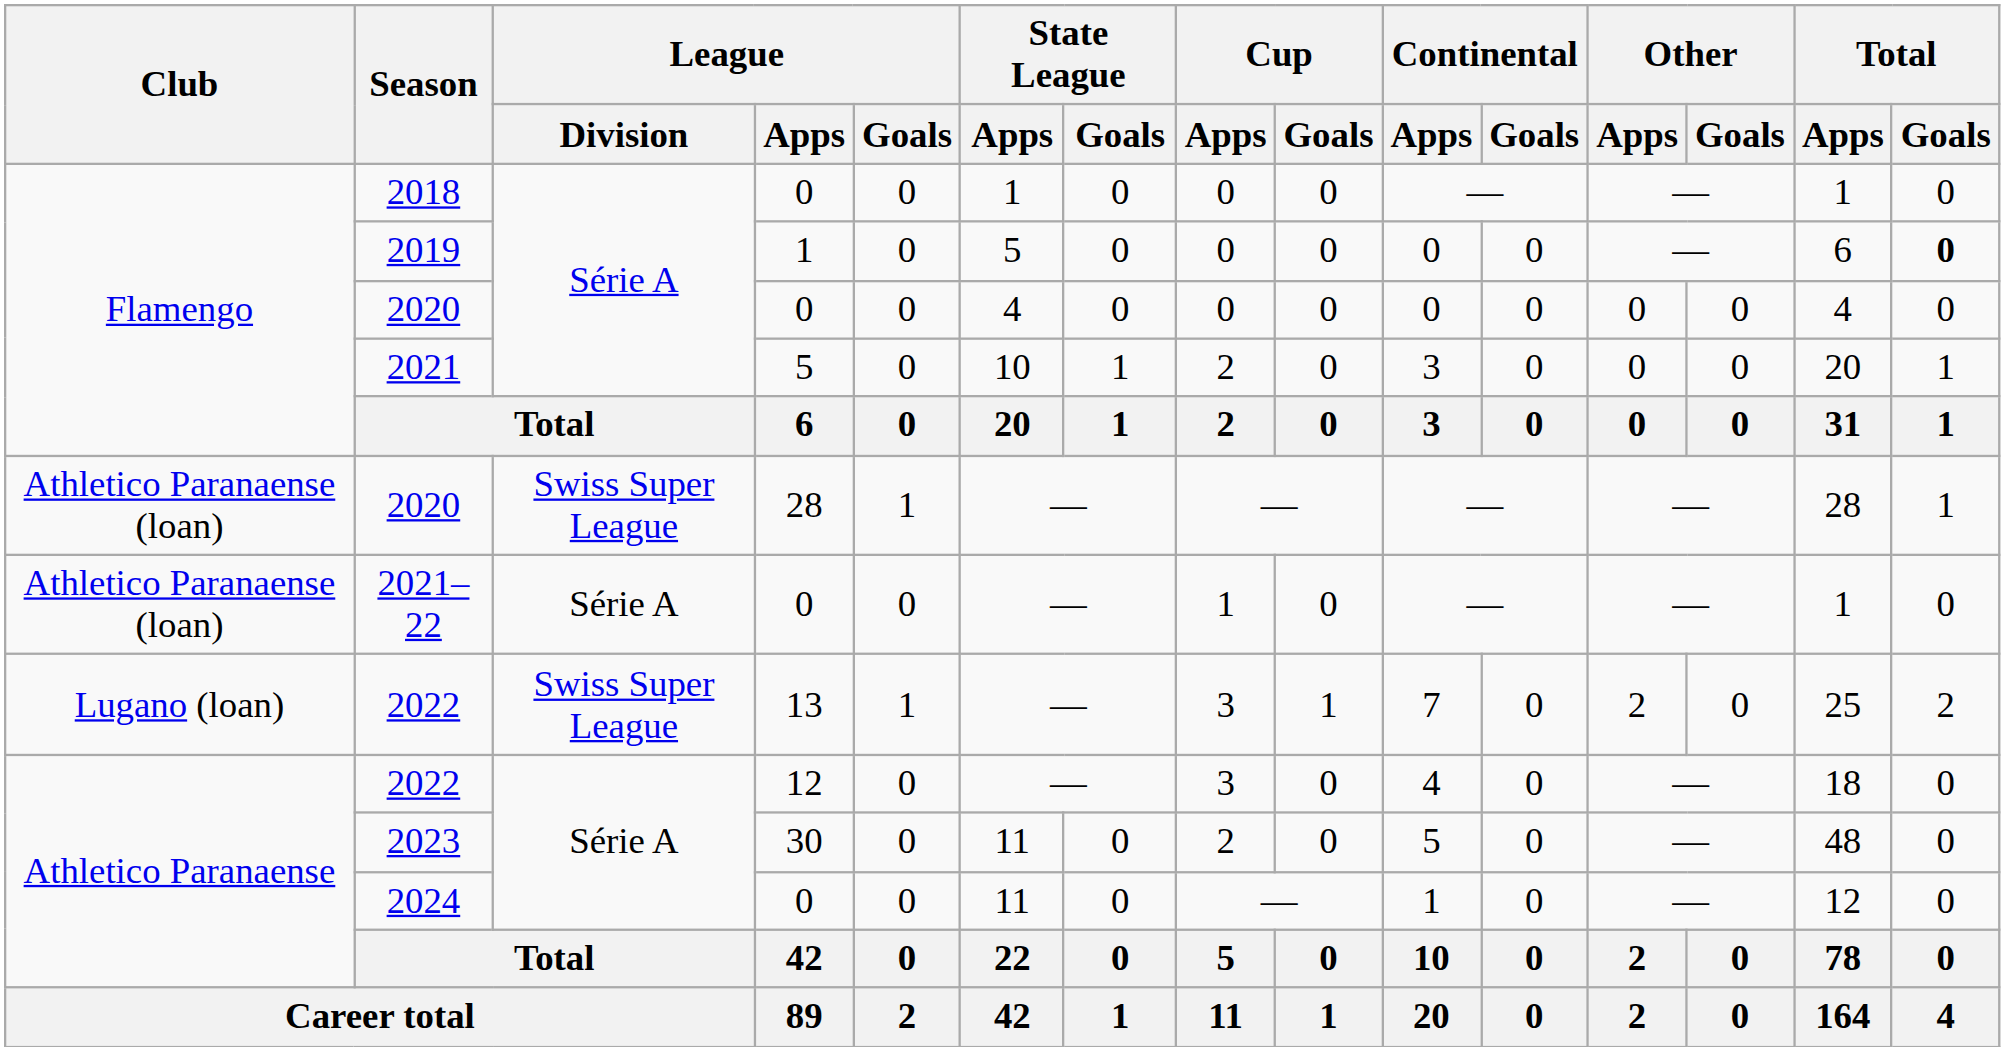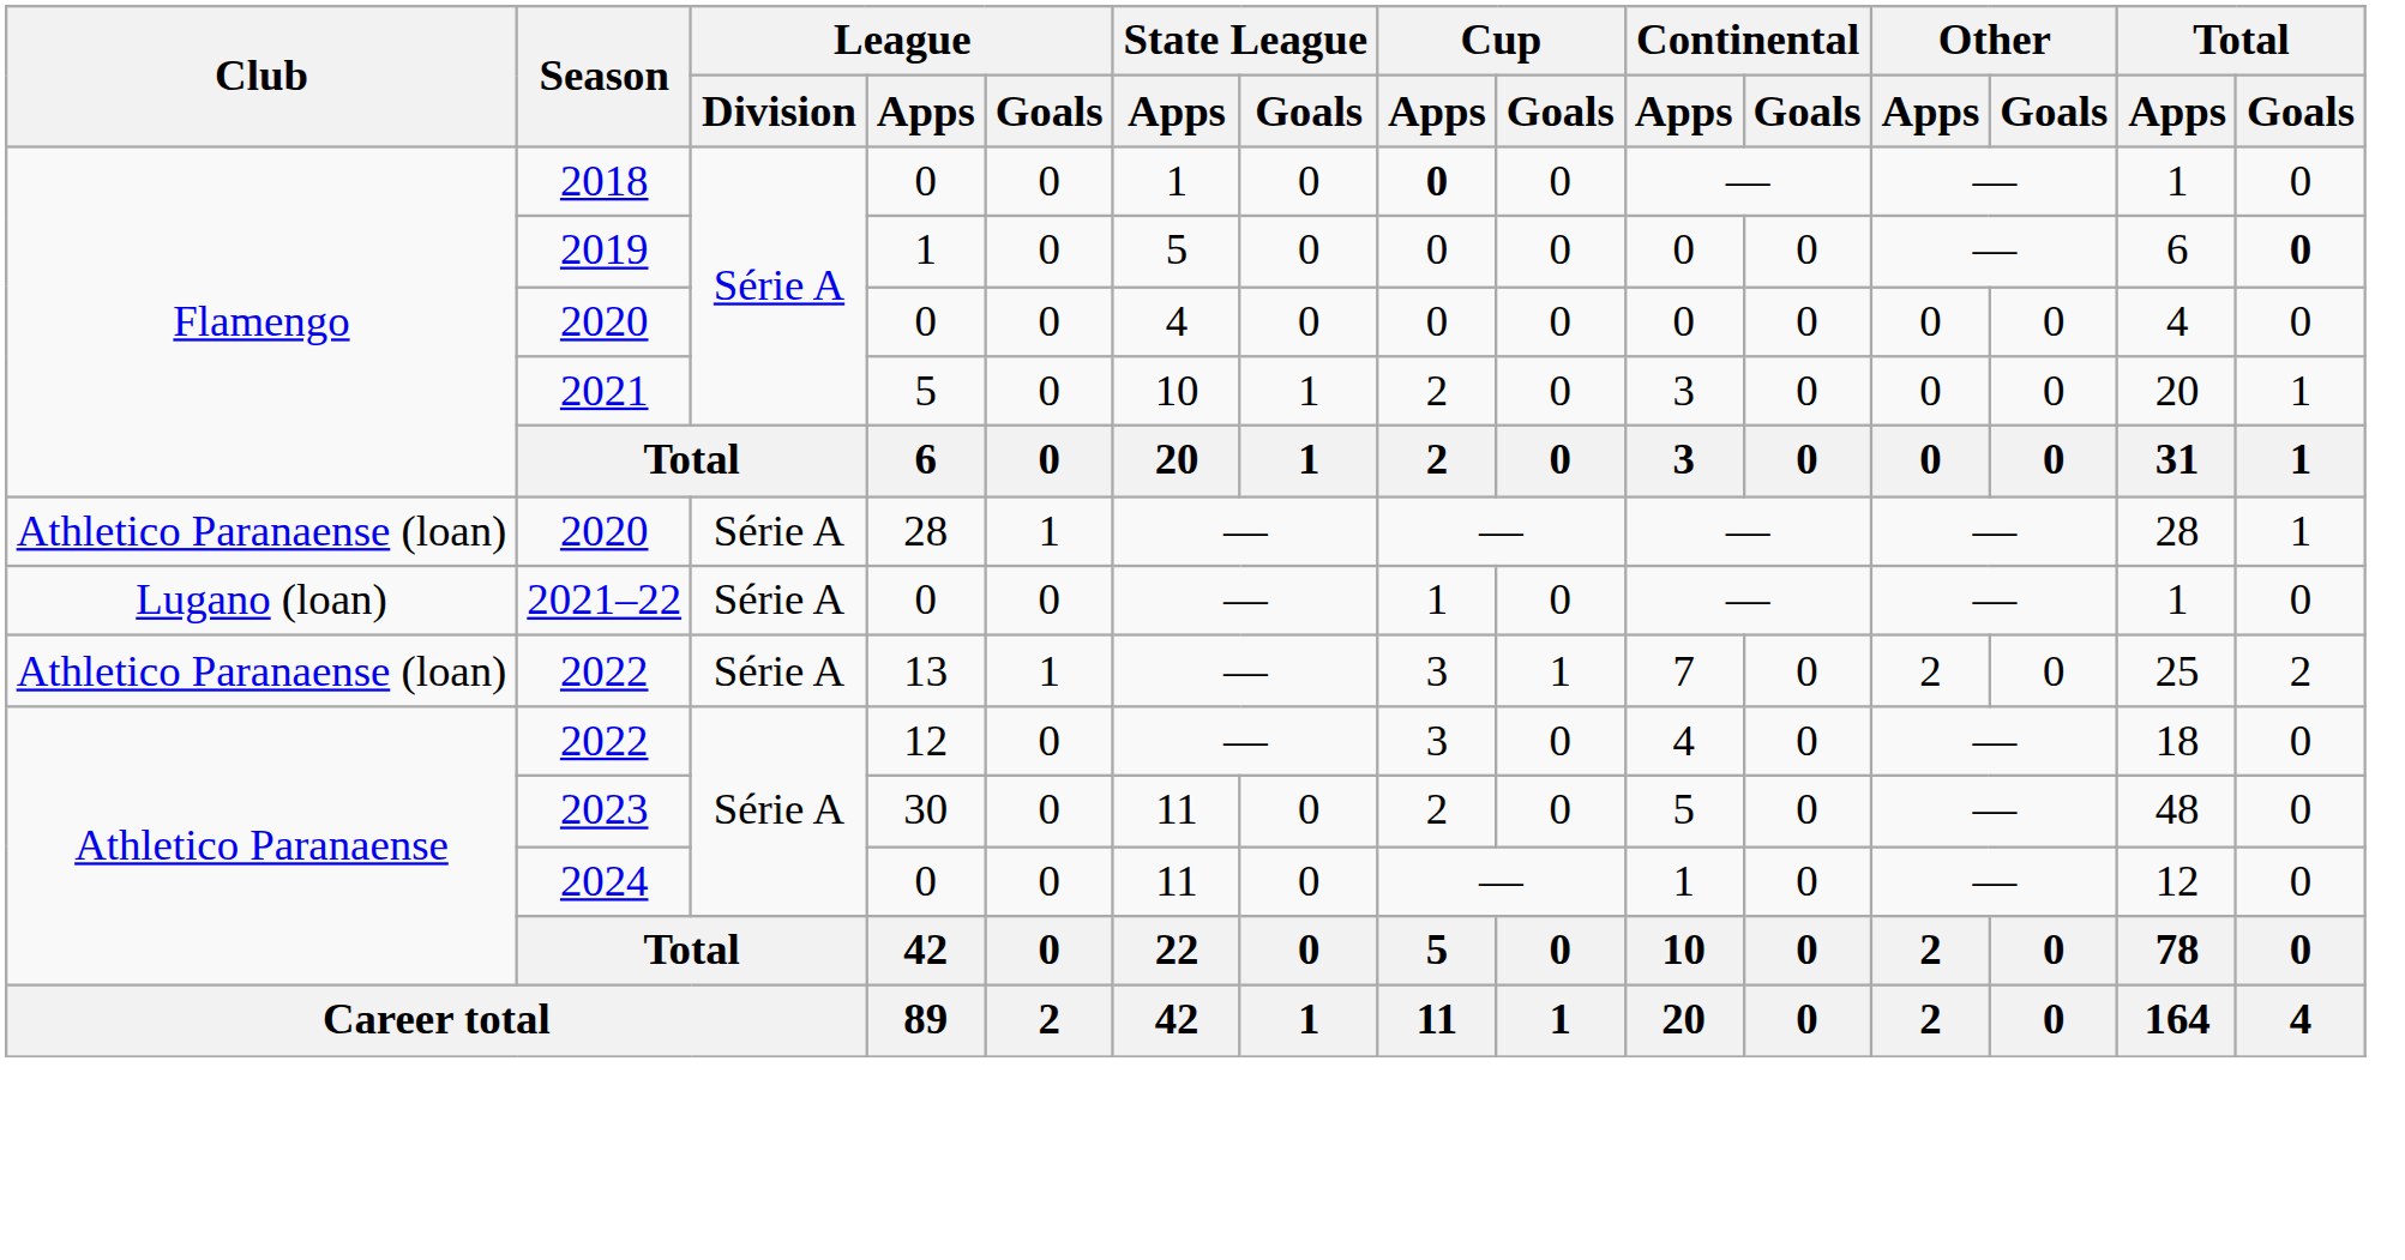 <table class=wikitable style="text-align: center;">
 <tr>
 <th rowspan=2>Club</th>
 <th rowspan=2>Season</th>
 <th colspan=3>League</th>
 <th colspan=2>State League</th>
 <th colspan=2>Cup</th>
 <th colspan=2>Continental</th>
 <th colspan=2>Other</th>
 <th colspan="2">Total</th>
 </tr>
 <tr>
 <th>Division</th>
 <th>Apps</th>
 <th>Goals</th>
 <th>Apps</th>
 <th>Goals</th>
 <th>Apps</th>
 <th>Goals</th>
 <th>Apps</th>
 <th>Goals</th>
 <th>Apps</th>
 <th>Goals</th>
 <th>Apps</th>
 <th>Goals</th>
 </tr>
 <tr>
 <td rowspan=5><a href='#'>Flamengo</a></td>
 <td><a href='#'>2018</a></td>
 <td rowspan=4><a href='#'>Série A</a></td>
 <td>0</td>
 <td>0</td>
 <td>1</td>
 <td>0</td>
-<td>0</td>
+<td><strong>0</strong></td>
 <td>0</td>
 <td colspan="2">—</td>
 <td colspan="2">—</td>
 <td>1</td>
 <td>0</td>
 </tr>
 <tr>
 <td><a href='#'>2019</a></td>
 <td>1</td>
 <td>0</td>
 <td>5</td>
 <td>0</td>
 <td>0</td>
 <td>0</td>
 <td>0</td>
 <td>0</td>
 <td colspan="2">—</td>
 <td>6</td>
 <td><strong>0</strong></td>
 </tr>
 <tr>
 <td><a href='#'>2020</a></td>
 <td>0</td>
 <td>0</td>
 <td>4</td>
 <td>0</td>
 <td>0</td>
 <td>0</td>
 <td>0</td>
 <td>0</td>
 <td>0</td>
 <td>0</td>
 <td>4</td>
 <td>0</td>
 </tr>
 <tr>
 <td><a href='#'>2021</a></td>
 <td>5</td>
 <td>0</td>
 <td>10</td>
 <td>1</td>
 <td>2</td>
 <td>0</td>
 <td>3</td>
 <td>0</td>
 <td>0</td>
 <td>0</td>
 <td>20</td>
 <td>1</td>
 </tr>
 <tr>
 <th colspan=2>Total</th>
 <th>6</th>
 <th>0</th>
 <th>20</th>
 <th>1</th>
 <th>2</th>
 <th>0</th>
 <th>3</th>
 <th>0</th>
 <th>0</th>
 <th>0</th>
 <th>31</th>
 <th>1</th>
 </tr>
 <tr>
 <td rowspan=1><a href='#'>Athletico Paranaense</a> (loan)</td>
 <td><a href='#'>2020</a></td>
-<td><a href='#'>Swiss Super League</a></td>
+<td>Série A</td>
 <td>28</td>
 <td>1</td>
 <td colspan=2>—</td>
 <td colspan=2>—</td>
 <td colspan=2>—</td>
 <td colspan=2>—</td>
 <td>28</td>
 <td>1</td>
 </tr>
 <tr>
-<td rowspan=1><a href='#'>Athletico Paranaense</a> (loan)</td>
+<td><a href='#'>Lugano</a> (loan)</td>
 <td><a href='#'>2021–22</a></td>
 <td rowspan=1>Série A</td>
 <td>0</td>
 <td>0</td>
 <td colspan=2>—</td>
 <td>1</td>
 <td>0</td>
 <td colspan=2>—</td>
 <td colspan=2>—</td>
 <td>1</td>
 <td>0</td>
 </tr>
 <tr>
-<td><a href='#'>Lugano</a> (loan)</td>
+<td rowspan=1><a href='#'>Athletico Paranaense</a> (loan)</td>
 <td><a href='#'>2022</a></td>
-<td><a href='#'>Swiss Super League</a></td>
+<td rowspan=1>Série A</td>
 <td>13</td>
 <td>1</td>
 <td colspan=2>—</td>
 <td>3</td>
 <td>1</td>
 <td>7</td>
 <td>0</td>
 <td>2</td>
 <td>0</td>
 <td>25</td>
 <td>2</td>
 </tr>
 <tr>
 <td rowspan=4><a href='#'>Athletico Paranaense</a></td>
 <td><a href='#'>2022</a></td>
 <td rowspan=3>Série A</td>
 <td>12</td>
 <td>0</td>
 <td colspan=2>—</td>
 <td>3</td>
 <td>0</td>
 <td>4</td>
 <td>0</td>
 <td colspan=2>—</td>
 <td>18</td>
 <td>0</td>
 </tr>
 <tr>
 <td><a href='#'>2023</a></td>
 <td>30</td>
 <td>0</td>
 <td>11</td>
 <td>0</td>
 <td>2</td>
 <td>0</td>
 <td>5</td>
 <td>0</td>
 <td colspan=2>—</td>
 <td>48</td>
 <td>0</td>
 </tr>
 <tr>
 <td><a href='#'>2024</a></td>
 <td>0</td>
 <td>0</td>
 <td>11</td>
 <td>0</td>
 <td colspan=2>—</td>
 <td>1</td>
 <td>0</td>
 <td colspan=2>—</td>
 <td>12</td>
 <td>0</td>
 </tr>
 <tr>
 <th colspan=2>Total</th>
 <th>42</th>
 <th>0</th>
 <th>22</th>
 <th>0</th>
 <th>5</th>
 <th>0</th>
 <th>10</th>
 <th>0</th>
 <th>2</th>
 <th>0</th>
 <th>78</th>
 <th>0</th>
 </tr>
 <tr>
 <th colspan="3"><strong>Career total</strong></th>
 <th>89</th>
 <th>2</th>
 <th>42</th>
 <th>1</th>
 <th>11</th>
 <th>1</th>
 <th>20</th>
 <th>0</th>
 <th>2</th>
 <th>0</th>
 <th>164</th>
 <th>4</th>
 </tr>
 </table>
